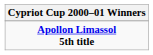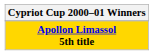 <table class="wikitable" style="text-align:center;margin: 0 auto;">
 <tr>
 <th>Cypriot Cup 2000–01 Winners</th>
 </tr>
 <tr>
 </tr>
 <tr>
-<td><strong><a href='#'>Apollon Limassol</a></strong><br><strong>5th title</strong></td>
+<td style="background: gold;"><strong><a href='#'>Apollon Limassol</a></strong><br><strong>5th title</strong></td>
 </tr>
 </table>
